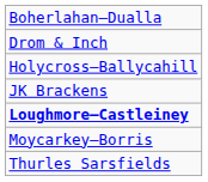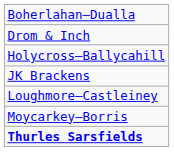 <table class="wikitable">
 <tr>
 <td><a href='#'>Boherlahan–Dualla</a></td>
 </tr>
 <tr>
 <td><a href='#'>Drom & Inch</a></td>
 </tr>
 <tr>
 <td><a href='#'>Holycross–Ballycahill</a></td>
 </tr>
 <tr>
 <td><a href='#'>JK Brackens</a></td>
 </tr>
 <tr>
-<td><strong><a href='#'>Loughmore–Castleiney</a></strong></td>
+<td><a href='#'>Loughmore–Castleiney</a></td>
 </tr>
 <tr>
 <td><a href='#'>Moycarkey–Borris</a></td>
 </tr>
 <tr>
-<td><a href='#'>Thurles Sarsfields</a></td>
+<td><strong><a href='#'>Thurles Sarsfields</a></strong></td>
 </tr>
 </table>
